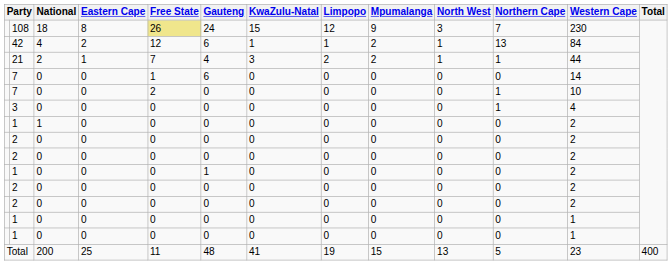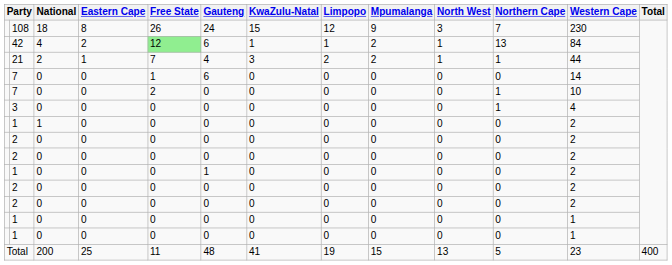 <table class="wikitable">
 <tr>
 <th colspan="2" style="text-align:left">Party</th>
 <th>National</th>
 <th><a href='#'>Eastern Cape</a></th>
 <th><a href='#'>Free State</a></th>
 <th><a href='#'>Gauteng</a></th>
 <th><a href='#'>KwaZulu-Natal</a></th>
 <th><a href='#'>Limpopo</a></th>
 <th><a href='#'>Mpumalanga</a></th>
 <th><a href='#'>North West</a></th>
 <th><a href='#'>Northern Cape</a></th>
 <th><a href='#'>Western Cape</a></th>
 <th>Total</th>
 </tr>
 <tr>
 <td></td>
 <td>108</td>
 <td>18</td>
 <td>8</td>
-<td style="background: khaki;">26</td>
+<td>26</td>
 <td>24</td>
 <td>15</td>
 <td>12</td>
 <td>9</td>
 <td>3</td>
 <td>7</td>
 <td>230</td>
 </tr>
 <tr>
 <td></td>
 <td>42</td>
 <td>4</td>
 <td>2</td>
-<td>12</td>
+<td style="background: lightgreen;">12</td>
 <td>6</td>
 <td>1</td>
 <td>1</td>
 <td>2</td>
 <td>1</td>
 <td>13</td>
 <td>84</td>
 </tr>
 <tr>
 <td></td>
 <td>21</td>
 <td>2</td>
 <td>1</td>
 <td>7</td>
 <td>4</td>
 <td>3</td>
 <td>2</td>
 <td>2</td>
 <td>1</td>
 <td>1</td>
 <td>44</td>
 </tr>
 <tr>
 <td></td>
 <td>7</td>
 <td>0</td>
 <td>0</td>
 <td>1</td>
 <td>6</td>
 <td>0</td>
 <td>0</td>
 <td>0</td>
 <td>0</td>
 <td>0</td>
 <td>14</td>
 </tr>
 <tr>
 <td></td>
 <td>7</td>
 <td>0</td>
 <td>0</td>
 <td>2</td>
 <td>0</td>
 <td>0</td>
 <td>0</td>
 <td>0</td>
 <td>0</td>
 <td>1</td>
 <td>10</td>
 </tr>
 <tr>
 <td></td>
 <td>3</td>
 <td>0</td>
 <td>0</td>
 <td>0</td>
 <td>0</td>
 <td>0</td>
 <td>0</td>
 <td>0</td>
 <td>0</td>
 <td>1</td>
 <td>4</td>
 </tr>
 <tr>
 <td></td>
 <td>1</td>
 <td>1</td>
 <td>0</td>
 <td>0</td>
 <td>0</td>
 <td>0</td>
 <td>0</td>
 <td>0</td>
 <td>0</td>
 <td>0</td>
 <td>2</td>
 </tr>
 <tr>
 <td></td>
 <td>2</td>
 <td>0</td>
 <td>0</td>
 <td>0</td>
 <td>0</td>
 <td>0</td>
 <td>0</td>
 <td>0</td>
 <td>0</td>
 <td>0</td>
 <td>2</td>
 </tr>
 <tr>
 <td></td>
 <td>2</td>
 <td>0</td>
 <td>0</td>
 <td>0</td>
 <td>0</td>
 <td>0</td>
 <td>0</td>
 <td>0</td>
 <td>0</td>
 <td>0</td>
 <td>2</td>
 </tr>
 <tr>
 <td></td>
 <td>1</td>
 <td>0</td>
 <td>0</td>
 <td>0</td>
 <td>1</td>
 <td>0</td>
 <td>0</td>
 <td>0</td>
 <td>0</td>
 <td>0</td>
 <td>2</td>
 </tr>
 <tr>
 <td></td>
 <td>2</td>
 <td>0</td>
 <td>0</td>
 <td>0</td>
 <td>0</td>
 <td>0</td>
 <td>0</td>
 <td>0</td>
 <td>0</td>
 <td>0</td>
 <td>2</td>
 </tr>
 <tr>
 <td></td>
 <td>2</td>
 <td>0</td>
 <td>0</td>
 <td>0</td>
 <td>0</td>
 <td>0</td>
 <td>0</td>
 <td>0</td>
 <td>0</td>
 <td>0</td>
 <td>2</td>
 </tr>
 <tr>
 <td></td>
 <td>1</td>
 <td>0</td>
 <td>0</td>
 <td>0</td>
 <td>0</td>
 <td>0</td>
 <td>0</td>
 <td>0</td>
 <td>0</td>
 <td>0</td>
 <td>1</td>
 </tr>
 <tr>
 <td></td>
 <td>1</td>
 <td>0</td>
 <td>0</td>
 <td>0</td>
 <td>0</td>
 <td>0</td>
 <td>0</td>
 <td>0</td>
 <td>0</td>
 <td>0</td>
 <td>1</td>
 </tr>
 <tr>
 <td colspan="2" style="text-align:left">Total</td>
 <td>200</td>
 <td>25</td>
 <td>11</td>
 <td>48</td>
 <td>41</td>
 <td>19</td>
 <td>15</td>
 <td>13</td>
 <td>5</td>
 <td>23</td>
 <td>400</td>
 </tr>
 </table>
